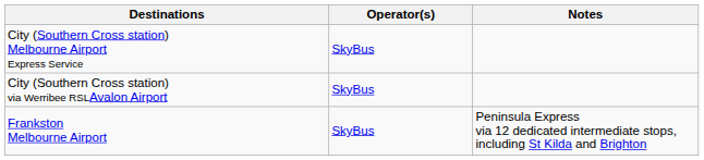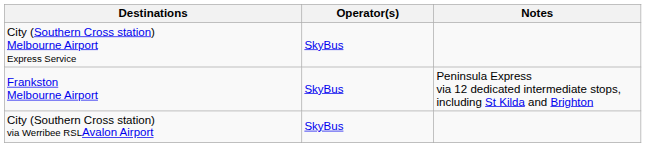 <table class="wikitable" style="text-align:left; width:70%; padding:0; margin:0;">
 <tr>
 <th>Destinations</th>
 <th>Operator(s)</th>
 <th style="width:280px;">Notes</th>
 </tr>
 <tr>
 <td>City (<a href='#'>Southern Cross station</a>)<br><a href='#'>Melbourne Airport</a><br> <small> Express Service</small></td>
 <td><a href='#'>SkyBus</a></td>
 <td></td>
 </tr>
 <tr>
+<td><a href='#'>Frankston</a><br><a href='#'>Melbourne Airport</a></td>
+<td><a href='#'>SkyBus</a></td>
+<td>Peninsula Express<br>via 12 dedicated intermediate stops, including <a href='#'>St Kilda</a> and <a href='#'>Brighton</a></td>
+</tr>
+<tr>
 <td>City (Southern Cross station)<br><small>via Werribee RSL</small><a href='#'>Avalon Airport</a></td>
 <td><a href='#'>SkyBus</a></td>
 <td></td>
 </tr>
-<tr>
-<td><a href='#'>Frankston</a><br><a href='#'>Melbourne Airport</a></td>
-<td><a href='#'>SkyBus</a></td>
-<td>Peninsula Express<br>via 12 dedicated intermediate stops, including <a href='#'>St Kilda</a> and <a href='#'>Brighton</a></td>
-</tr>
 </table>
